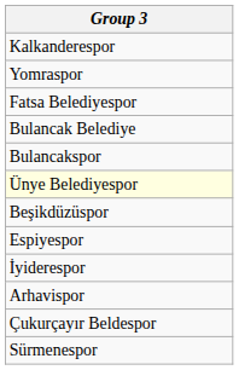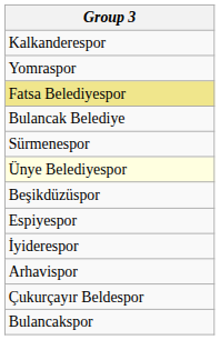 <table class="wikitable collapsible collapsed" style="font-size:95%;">
 <tr>
 <th colspan="1" width="200"><em>Group 3</em></th>
 </tr>
 <tr>
 <td>Kalkanderespor</td>
 </tr>
 <tr>
 <td>Yomraspor</td>
 </tr>
 <tr>
-<td>Fatsa Belediyespor</td>
+<td style="background: khaki;">Fatsa Belediyespor</td>
 </tr>
 <tr>
 <td>Bulancak Belediye</td>
 </tr>
 <tr>
-<td>Bulancakspor</td>
+<td>Sürmenespor</td>
 </tr>
 <tr>
 <td style="background: lightyellow;">Ünye Belediyespor</td>
 </tr>
 <tr>
 <td>Beşikdüzüspor</td>
 </tr>
 <tr>
 <td>Espiyespor</td>
 </tr>
 <tr>
 <td>İyiderespor</td>
 </tr>
 <tr>
 <td>Arhavispor</td>
 </tr>
 <tr>
 <td>Çukurçayır Beldespor</td>
 </tr>
 <tr>
-<td>Sürmenespor</td>
+<td>Bulancakspor</td>
 </tr>
 </table>
